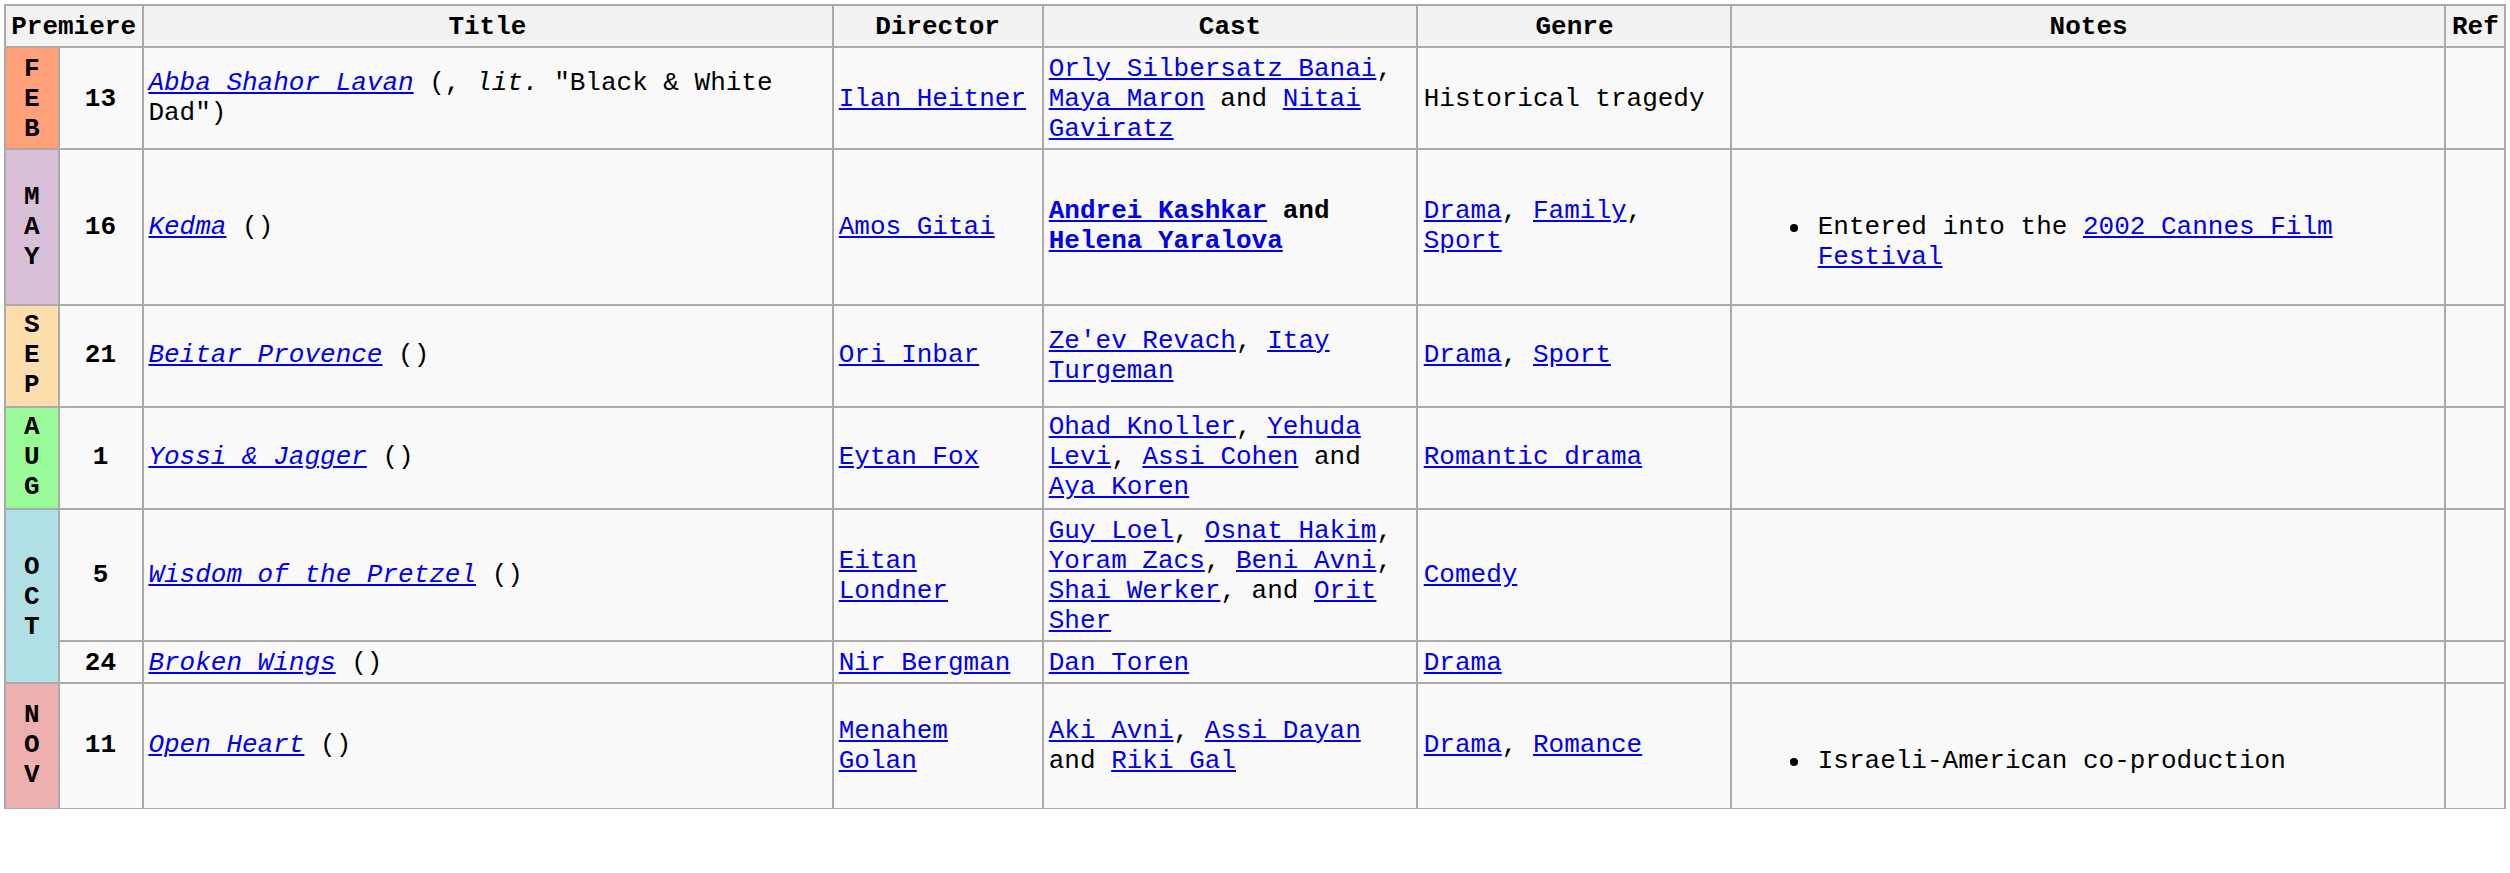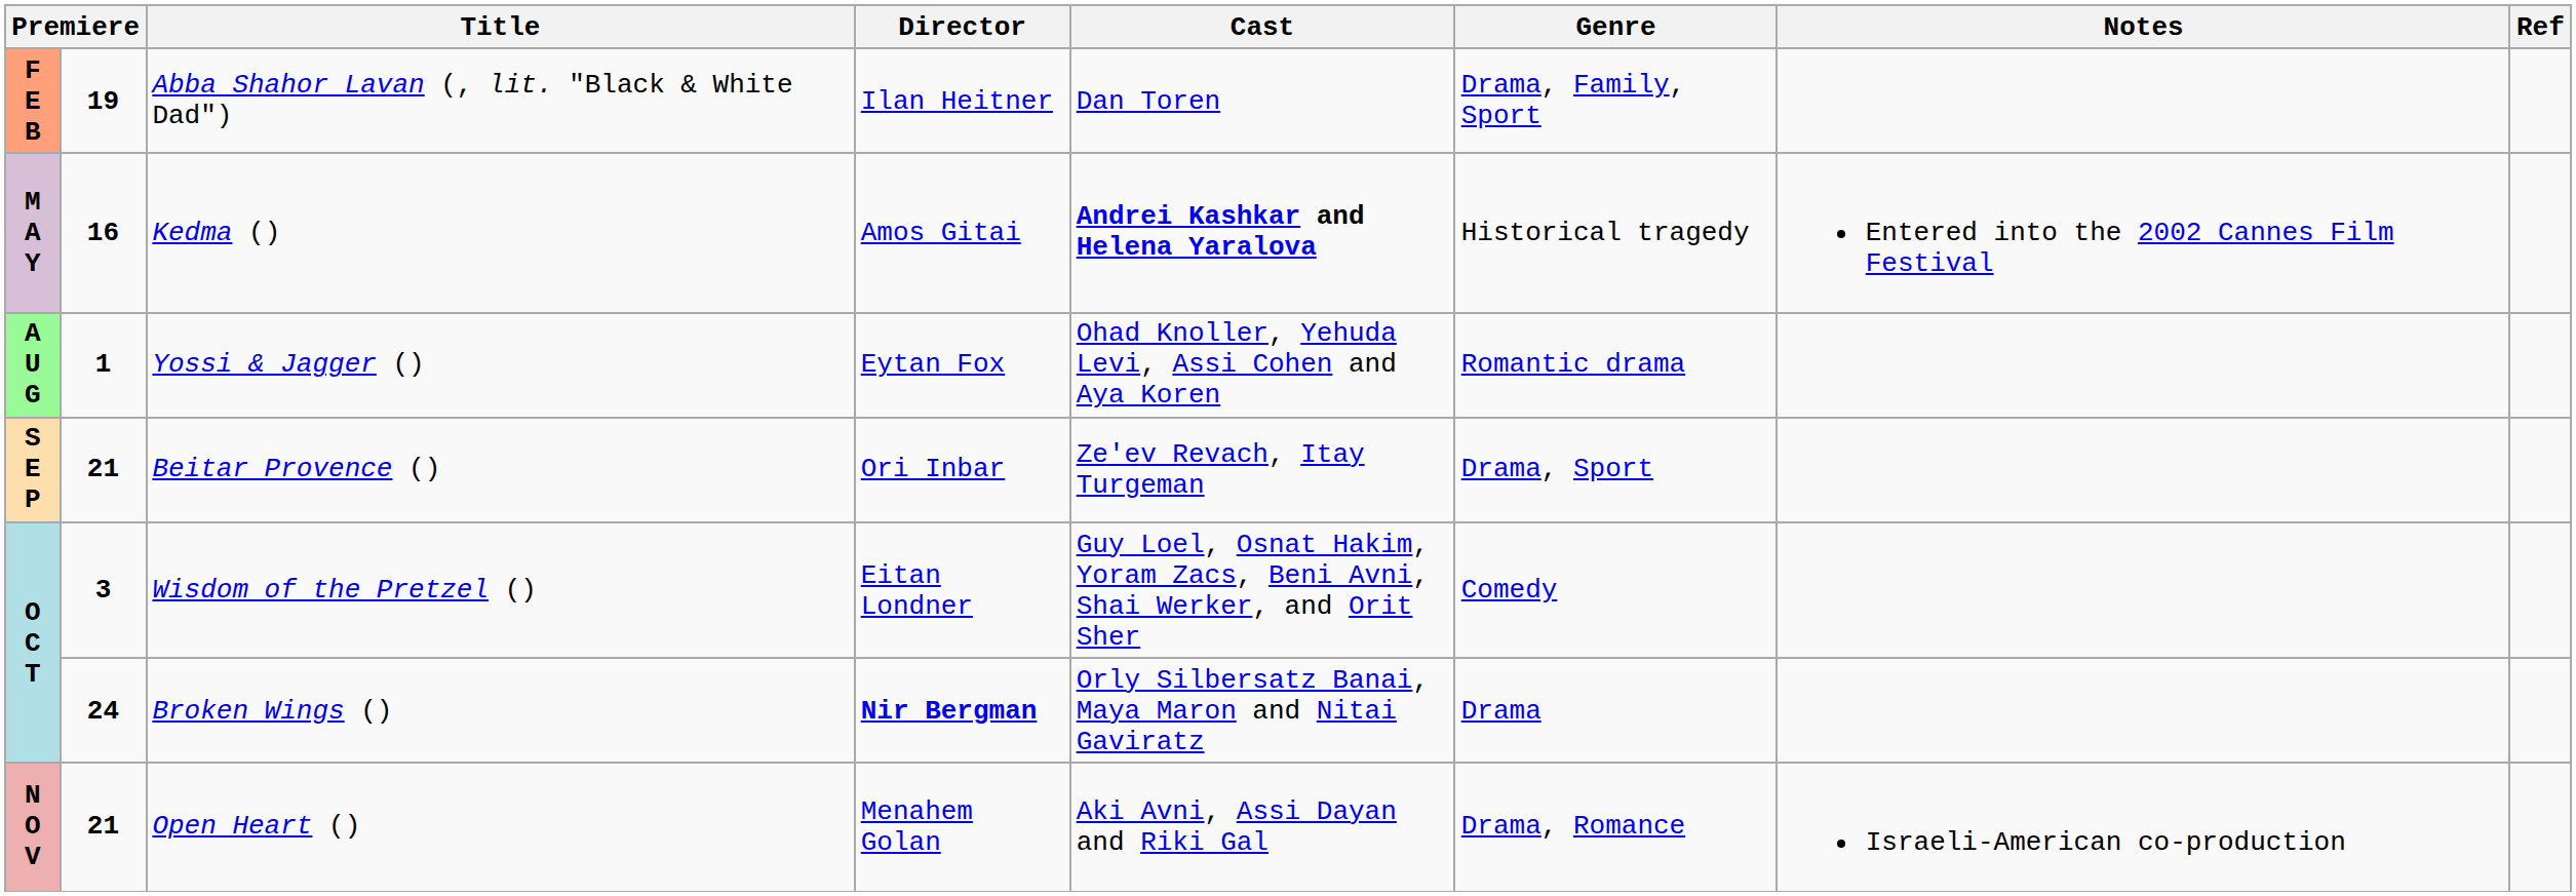 <table class="wikitable">
 <tr>
 <th colspan="2">Premiere</th>
 <th>Title</th>
 <th>Director</th>
 <th width=15%>Cast</th>
 <th>Genre</th>
 <th>Notes</th>
 <th>Ref</th>
 </tr>
 <tr>
 <td rowspan="1" valign="center" align="center" style="background:#FFA07A; textcolor:#000;"><strong>F<br>E<br>B</strong></td>
-<td rowspan="1" align="center"><strong>13</strong></td>
+<td rowspan="1" align="center"><strong>19</strong></td>
 <td><em><a href='#'>Abba Shahor Lavan</a></em> (, <em>lit.</em> "Black & White Dad")</td>
 <td><a href='#'>Ilan Heitner</a></td>
-<td><a href='#'>Orly Silbersatz Banai</a>, <a href='#'>Maya Maron</a> and <a href='#'>Nitai Gaviratz</a></td>
-<td>Historical tragedy</td>
+<td><a href='#'>Dan Toren</a></td>
+<td><a href='#'>Drama</a>, <a href='#'>Family</a>, <a href='#'>Sport</a></td>
 <td></td>
 <td></td>
 </tr>
 <tr>
 <td rowspan="1" valign="center" align="center" style="background:#D8BFD8; textcolor:#000;"><strong>M<br>A<br>Y</strong></td>
 <td rowspan="1" align="center"><strong>16</strong></td>
 <td><em><a href='#'>Kedma</a></em> ()</td>
 <td><a href='#'>Amos Gitai</a></td>
 <td><strong><a href='#'>Andrei Kashkar</a> and <a href='#'>Helena Yaralova</a></strong></td>
-<td><a href='#'>Drama</a>, <a href='#'>Family</a>, <a href='#'>Sport</a></td>
+<td>Historical tragedy</td>
 <td><br><ul><li>Entered into the <a href='#'>2002 Cannes Film Festival</a></li></ul></td>
+<td></td>
+</tr>
+<tr>
+<td rowspan="1" valign="center" align="center" style="background:#98FB98; textcolor:#000;"><strong>A<br>U<br>G</strong></td>
+<td rowspan="1" align="center"><strong>1</strong></td>
+<td><em><a href='#'>Yossi & Jagger</a></em> ()</td>
+<td><a href='#'>Eytan Fox</a></td>
+<td><a href='#'>Ohad Knoller</a>, <a href='#'>Yehuda Levi</a>, <a href='#'>Assi Cohen</a> and <a href='#'>Aya Koren</a></td>
+<td><a href='#'>Romantic drama</a></td>
+<td></td>
 <td></td>
 </tr>
 <tr>
 <td rowspan="1" valign="center" align="center" style="background:#FFDEAD; textcolor:#000;"><strong>S<br>E<br>P</strong></td>
 <td rowspan="1" align="center"><strong>21</strong></td>
 <td><em><a href='#'>Beitar Provence</a></em> ()</td>
 <td><a href='#'>Ori Inbar</a></td>
 <td><a href='#'>Ze'ev Revach</a>, <a href='#'>Itay Turgeman</a></td>
 <td><a href='#'>Drama</a>, <a href='#'>Sport</a></td>
 <td></td>
 <td></td>
 </tr>
 <tr>
-<td rowspan="1" valign="center" align="center" style="background:#98FB98; textcolor:#000;"><strong>A<br>U<br>G</strong></td>
-<td rowspan="1" align="center"><strong>1</strong></td>
-<td><em><a href='#'>Yossi & Jagger</a></em> ()</td>
-<td><a href='#'>Eytan Fox</a></td>
-<td><a href='#'>Ohad Knoller</a>, <a href='#'>Yehuda Levi</a>, <a href='#'>Assi Cohen</a> and <a href='#'>Aya Koren</a></td>
-<td><a href='#'>Romantic drama</a></td>
-<td></td>
-<td></td>
-</tr>
-<tr>
 <td rowspan="2" valign="center" align="center" style="background:#B0E0E6; textcolor:#000;"><strong>O<br>C<br>T</strong></td>
-<td rowspan="1" align="center"><strong>5</strong></td>
+<td rowspan="1" align="center"><strong>3</strong></td>
 <td><em><a href='#'>Wisdom of the Pretzel</a></em> ()</td>
 <td><a href='#'>Eitan Londner</a></td>
 <td><a href='#'>Guy Loel</a>, <a href='#'>Osnat Hakim</a>, <a href='#'>Yoram Zacs</a>, <a href='#'>Beni Avni</a>, <a href='#'>Shai Werker</a>, and <a href='#'>Orit Sher</a></td>
 <td><a href='#'>Comedy</a></td>
 <td></td>
 <td></td>
 </tr>
 <tr>
 <td rowspan="1" align="center"><strong>24</strong></td>
 <td><em><a href='#'>Broken Wings</a></em> ()</td>
-<td><a href='#'>Nir Bergman</a></td>
-<td><a href='#'>Dan Toren</a></td>
+<td><strong><a href='#'>Nir Bergman</a></strong></td>
+<td><a href='#'>Orly Silbersatz Banai</a>, <a href='#'>Maya Maron</a> and <a href='#'>Nitai Gaviratz</a></td>
 <td><a href='#'>Drama</a></td>
 <td></td>
 <td></td>
 </tr>
 <tr>
 <td rowspan="1" valign="center" align="center" style="background:#edafaf; textcolor:#000;"><strong>N<br>O<br>V</strong></td>
-<td rowspan="1" align="center"><strong>11</strong></td>
+<td rowspan="1" align="center"><strong>21</strong></td>
 <td><em><a href='#'>Open Heart</a></em> ()</td>
 <td><a href='#'>Menahem Golan</a></td>
 <td><a href='#'>Aki Avni</a>, <a href='#'>Assi Dayan</a> and <a href='#'>Riki Gal</a></td>
 <td><a href='#'>Drama</a>, <a href='#'>Romance</a></td>
 <td><br><ul><li>Israeli-American co-production</li></ul></td>
 <td></td>
 </tr>
 </table>
